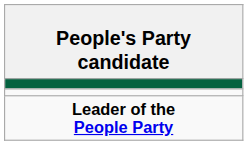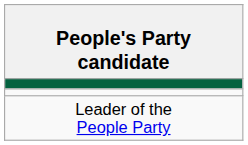 <table class="wikitable" style="font-size:90%; text-align:center;">
 <tr>
 <td style="background:#f1f1f1;" colspan="30"><br><big><strong>People's Party candidate</strong></big></td>
 </tr>
 <tr>
 <th style="width:3em; font-size:135%; background:#046240; width:200px;"><a href='#'></a></th>
 </tr>
 <tr>
 <td></td>
 </tr>
 <tr>
-<td><strong>Leader of the<br><a href='#'>People Party</a><br></strong></td>
+<td>Leader of the<br><a href='#'>People Party</a><br></td>
 </tr>
 </table>
